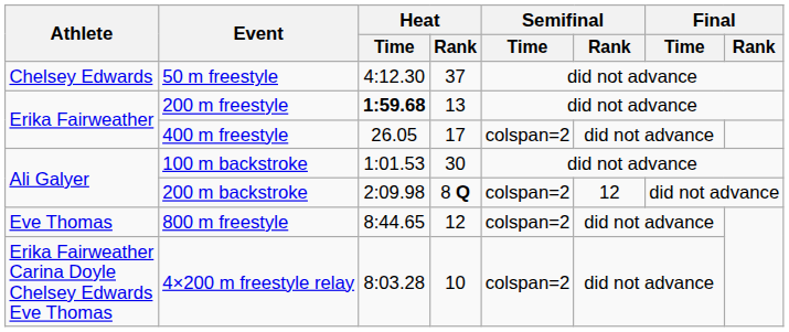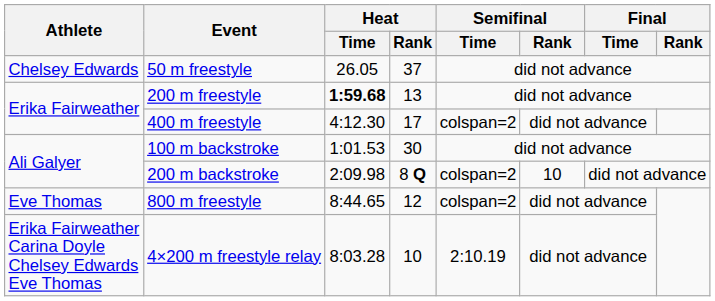 <table class="wikitable" style="text-align:center; font-size:90%">
 <tr>
 <th rowspan="2">Athlete</th>
 <th rowspan="2">Event</th>
 <th colspan="2">Heat</th>
 <th colspan="2">Semifinal</th>
 <th colspan="2">Final</th>
 </tr>
 <tr style="font-size:95%">
 <th>Time</th>
 <th>Rank</th>
 <th>Time</th>
 <th>Rank</th>
 <th>Time</th>
 <th>Rank</th>
 </tr>
 <tr>
 <td align=left><a href='#'>Chelsey Edwards</a></td>
 <td align=left><a href='#'>50 m freestyle</a></td>
-<td>4:12.30</td>
+<td>26.05</td>
 <td>37</td>
 <td colspan=4>did not advance</td>
 </tr>
 <tr>
 <td align=left rowspan=2><a href='#'>Erika Fairweather</a></td>
 <td align=left><a href='#'>200 m freestyle</a></td>
 <td><strong>1:59.68</strong></td>
 <td>13</td>
 <td colspan=4>did not advance</td>
 </tr>
 <tr>
 <td align=left><a href='#'>400 m freestyle</a></td>
-<td>26.05</td>
+<td>4:12.30</td>
 <td>17</td>
 <td>colspan=2 </td>
 <td colspan=2>did not advance</td>
 </tr>
 <tr>
 <td align=left rowspan=2><a href='#'>Ali Galyer</a></td>
 <td align=left><a href='#'>100 m backstroke</a></td>
 <td>1:01.53</td>
 <td>30</td>
 <td colspan=4>did not advance</td>
 </tr>
 <tr>
 <td align=left><a href='#'>200 m backstroke</a></td>
 <td>2:09.98</td>
 <td>8 <strong>Q</strong></td>
 <td>colspan=2 </td>
-<td>12</td>
+<td>10</td>
 <td colspan=2>did not advance</td>
 </tr>
 <tr>
 <td align=left><a href='#'>Eve Thomas</a></td>
 <td align=left><a href='#'>800 m freestyle</a></td>
 <td>8:44.65</td>
 <td>12</td>
 <td>colspan=2 </td>
 <td colspan=2>did not advance</td>
 </tr>
 <tr>
 <td align=left><a href='#'>Erika Fairweather</a><br><a href='#'>Carina Doyle</a><br><a href='#'>Chelsey Edwards</a><br><a href='#'>Eve Thomas</a></td>
 <td align=left><a href='#'>4×200 m freestyle relay</a></td>
 <td>8:03.28</td>
 <td>10</td>
-<td>colspan=2 </td>
+<td>2:10.19</td>
 <td colspan=2>did not advance</td>
 </tr>
 </table>
